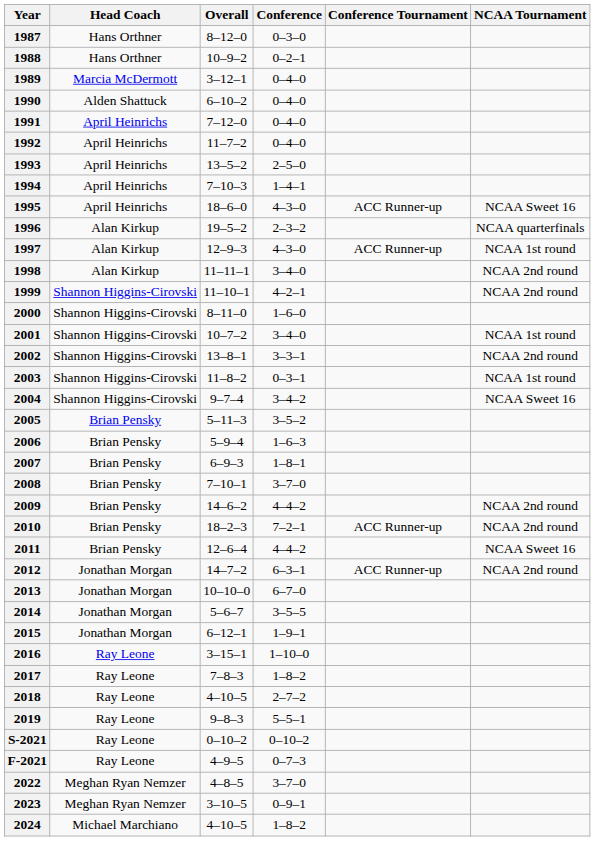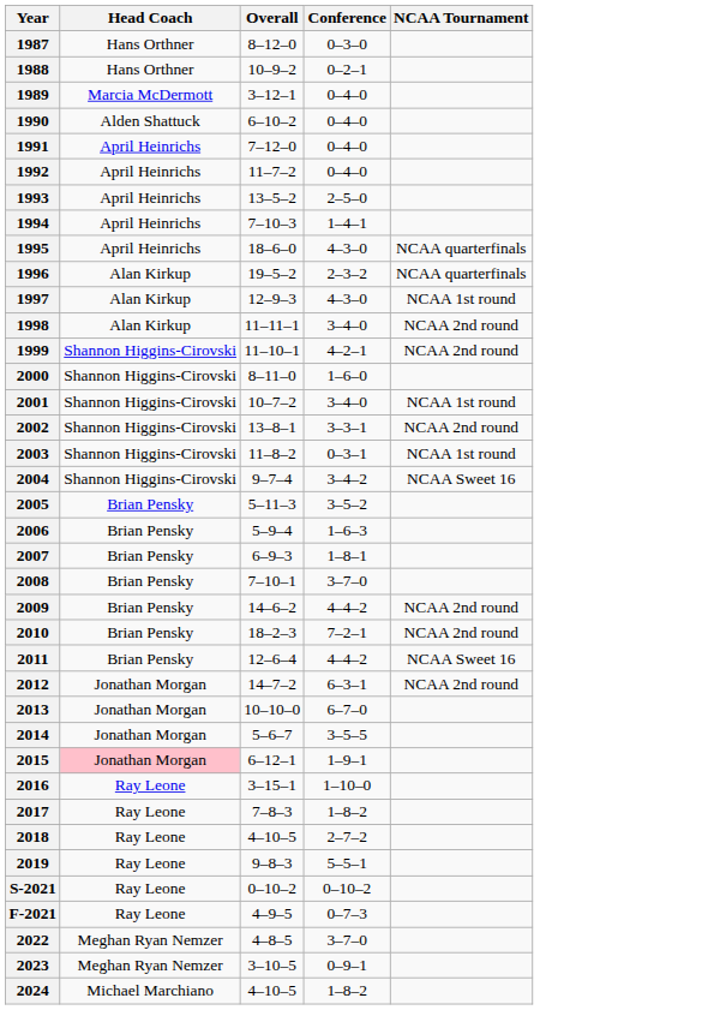 <table class="wikitable" style="text-align: center;">
 <tr>
 <th width=px>Year</th>
 <th width=px>Head Coach</th>
 <th width=px>Overall</th>
 <th width=px>Conference</th>
-<th width=px>Conference Tournament</th>
 <th width=px>NCAA Tournament</th>
 </tr>
 <tr>
 <th>1987</th>
 <td>Hans Orthner</td>
 <td>8–12–0</td>
 <td>0–3–0</td>
 <td></td>
-<td></td>
 </tr>
 <tr>
 <th>1988</th>
 <td>Hans Orthner</td>
 <td>10–9–2</td>
 <td>0–2–1</td>
-<td></td>
 <td></td>
 </tr>
 <tr>
 <th>1989</th>
 <td><a href='#'>Marcia McDermott</a></td>
 <td>3–12–1</td>
 <td>0–4–0</td>
 <td></td>
-<td></td>
 </tr>
 <tr>
 <th>1990</th>
 <td>Alden Shattuck</td>
 <td>6–10–2</td>
 <td>0–4–0</td>
-<td></td>
 <td></td>
 </tr>
 <tr>
 <th>1991</th>
 <td><a href='#'>April Heinrichs</a></td>
 <td>7–12–0</td>
 <td>0–4–0</td>
 <td></td>
-<td></td>
 </tr>
 <tr>
 <th>1992</th>
 <td>April Heinrichs</td>
 <td>11–7–2</td>
 <td>0–4–0</td>
-<td></td>
 <td></td>
 </tr>
 <tr>
 <th>1993</th>
 <td>April Heinrichs</td>
 <td>13–5–2</td>
 <td>2–5–0</td>
 <td></td>
-<td></td>
 </tr>
 <tr>
 <th>1994</th>
 <td>April Heinrichs</td>
 <td>7–10–3</td>
 <td>1–4–1</td>
 <td></td>
-<td></td>
 </tr>
 <tr>
 <th>1995</th>
 <td>April Heinrichs</td>
 <td>18–6–0</td>
 <td>4–3–0</td>
-<td>ACC Runner-up</td>
-<td>NCAA Sweet 16</td>
+<td>NCAA quarterfinals</td>
 </tr>
 <tr>
 <th>1996</th>
 <td>Alan Kirkup</td>
 <td>19–5–2</td>
 <td>2–3–2</td>
-<td></td>
 <td>NCAA quarterfinals</td>
 </tr>
 <tr>
 <th>1997</th>
 <td>Alan Kirkup</td>
 <td>12–9–3</td>
 <td>4–3–0</td>
-<td>ACC Runner-up</td>
 <td>NCAA 1st round</td>
 </tr>
 <tr>
 <th>1998</th>
 <td>Alan Kirkup</td>
 <td>11–11–1</td>
 <td>3–4–0</td>
-<td></td>
 <td>NCAA 2nd round</td>
 </tr>
 <tr>
 <th>1999</th>
 <td><a href='#'>Shannon Higgins-Cirovski</a></td>
 <td>11–10–1</td>
 <td>4–2–1</td>
-<td></td>
 <td>NCAA 2nd round</td>
 </tr>
 <tr>
 <th>2000</th>
 <td>Shannon Higgins-Cirovski</td>
 <td>8–11–0</td>
 <td>1–6–0</td>
 <td></td>
-<td></td>
 </tr>
 <tr>
 <th>2001</th>
 <td>Shannon Higgins-Cirovski</td>
 <td>10–7–2</td>
 <td>3–4–0</td>
-<td></td>
 <td>NCAA 1st round</td>
 </tr>
 <tr>
 <th>2002</th>
 <td>Shannon Higgins-Cirovski</td>
 <td>13–8–1</td>
 <td>3–3–1</td>
-<td></td>
 <td>NCAA 2nd round</td>
 </tr>
 <tr>
 <th>2003</th>
 <td>Shannon Higgins-Cirovski</td>
 <td>11–8–2</td>
 <td>0–3–1</td>
-<td></td>
 <td>NCAA 1st round</td>
 </tr>
 <tr>
 <th>2004</th>
 <td>Shannon Higgins-Cirovski</td>
 <td>9–7–4</td>
 <td>3–4–2</td>
-<td></td>
 <td>NCAA Sweet 16</td>
 </tr>
 <tr>
 <th>2005</th>
 <td><a href='#'>Brian Pensky</a></td>
 <td>5–11–3</td>
 <td>3–5–2</td>
 <td></td>
-<td></td>
 </tr>
 <tr>
 <th>2006</th>
 <td>Brian Pensky</td>
 <td>5–9–4</td>
 <td>1–6–3</td>
-<td></td>
 <td></td>
 </tr>
 <tr>
 <th>2007</th>
 <td>Brian Pensky</td>
 <td>6–9–3</td>
 <td>1–8–1</td>
 <td></td>
-<td></td>
 </tr>
 <tr>
 <th>2008</th>
 <td>Brian Pensky</td>
 <td>7–10–1</td>
 <td>3–7–0</td>
 <td></td>
-<td></td>
 </tr>
 <tr>
 <th>2009</th>
 <td>Brian Pensky</td>
 <td>14–6–2</td>
 <td>4–4–2</td>
-<td></td>
 <td>NCAA 2nd round</td>
 </tr>
 <tr>
 <th>2010</th>
 <td>Brian Pensky</td>
 <td>18–2–3</td>
 <td>7–2–1</td>
-<td>ACC Runner-up</td>
 <td>NCAA 2nd round</td>
 </tr>
 <tr>
 <th>2011</th>
 <td>Brian Pensky</td>
 <td>12–6–4</td>
 <td>4–4–2</td>
-<td></td>
 <td>NCAA Sweet 16</td>
 </tr>
 <tr>
 <th>2012</th>
 <td>Jonathan Morgan</td>
 <td>14–7–2</td>
 <td>6–3–1</td>
-<td>ACC Runner-up</td>
 <td>NCAA 2nd round</td>
 </tr>
 <tr>
 <th>2013</th>
 <td>Jonathan Morgan</td>
 <td>10–10–0</td>
 <td>6–7–0</td>
 <td></td>
-<td></td>
 </tr>
 <tr>
 <th>2014</th>
 <td>Jonathan Morgan</td>
 <td>5–6–7</td>
 <td>3–5–5</td>
 <td></td>
-<td></td>
 </tr>
 <tr>
 <th>2015</th>
-<td>Jonathan Morgan</td>
+<td style="background: pink;">Jonathan Morgan</td>
 <td>6–12–1</td>
 <td>1–9–1</td>
-<td></td>
 <td></td>
 </tr>
 <tr>
 <th>2016</th>
 <td><a href='#'>Ray Leone</a></td>
 <td>3–15–1</td>
 <td>1–10–0</td>
 <td></td>
-<td></td>
 </tr>
 <tr>
 <th>2017</th>
 <td>Ray Leone</td>
 <td>7–8–3</td>
 <td>1–8–2</td>
-<td></td>
 <td></td>
 </tr>
 <tr>
 <th>2018</th>
 <td>Ray Leone</td>
 <td>4–10–5</td>
 <td>2–7–2</td>
 <td></td>
-<td></td>
 </tr>
 <tr>
 <th>2019</th>
 <td>Ray Leone</td>
 <td>9–8–3</td>
 <td>5–5–1</td>
-<td></td>
 <td></td>
 </tr>
 <tr>
 <th>S-2021</th>
 <td>Ray Leone</td>
 <td>0–10–2</td>
 <td>0–10–2</td>
 <td></td>
-<td></td>
 </tr>
 <tr>
 <th>F-2021</th>
 <td>Ray Leone</td>
 <td>4–9–5</td>
 <td>0–7–3</td>
-<td></td>
 <td></td>
 </tr>
 <tr>
 <th>2022</th>
 <td>Meghan Ryan Nemzer</td>
 <td>4–8–5</td>
 <td>3–7–0</td>
 <td></td>
-<td></td>
 </tr>
 <tr>
 <th>2023</th>
 <td>Meghan Ryan Nemzer</td>
 <td>3–10–5</td>
 <td>0–9–1</td>
-<td></td>
 <td></td>
 </tr>
 <tr>
 <th>2024</th>
 <td>Michael Marchiano</td>
 <td>4–10–5</td>
 <td>1–8–2</td>
 <td></td>
-<td></td>
 </tr>
 </table>
